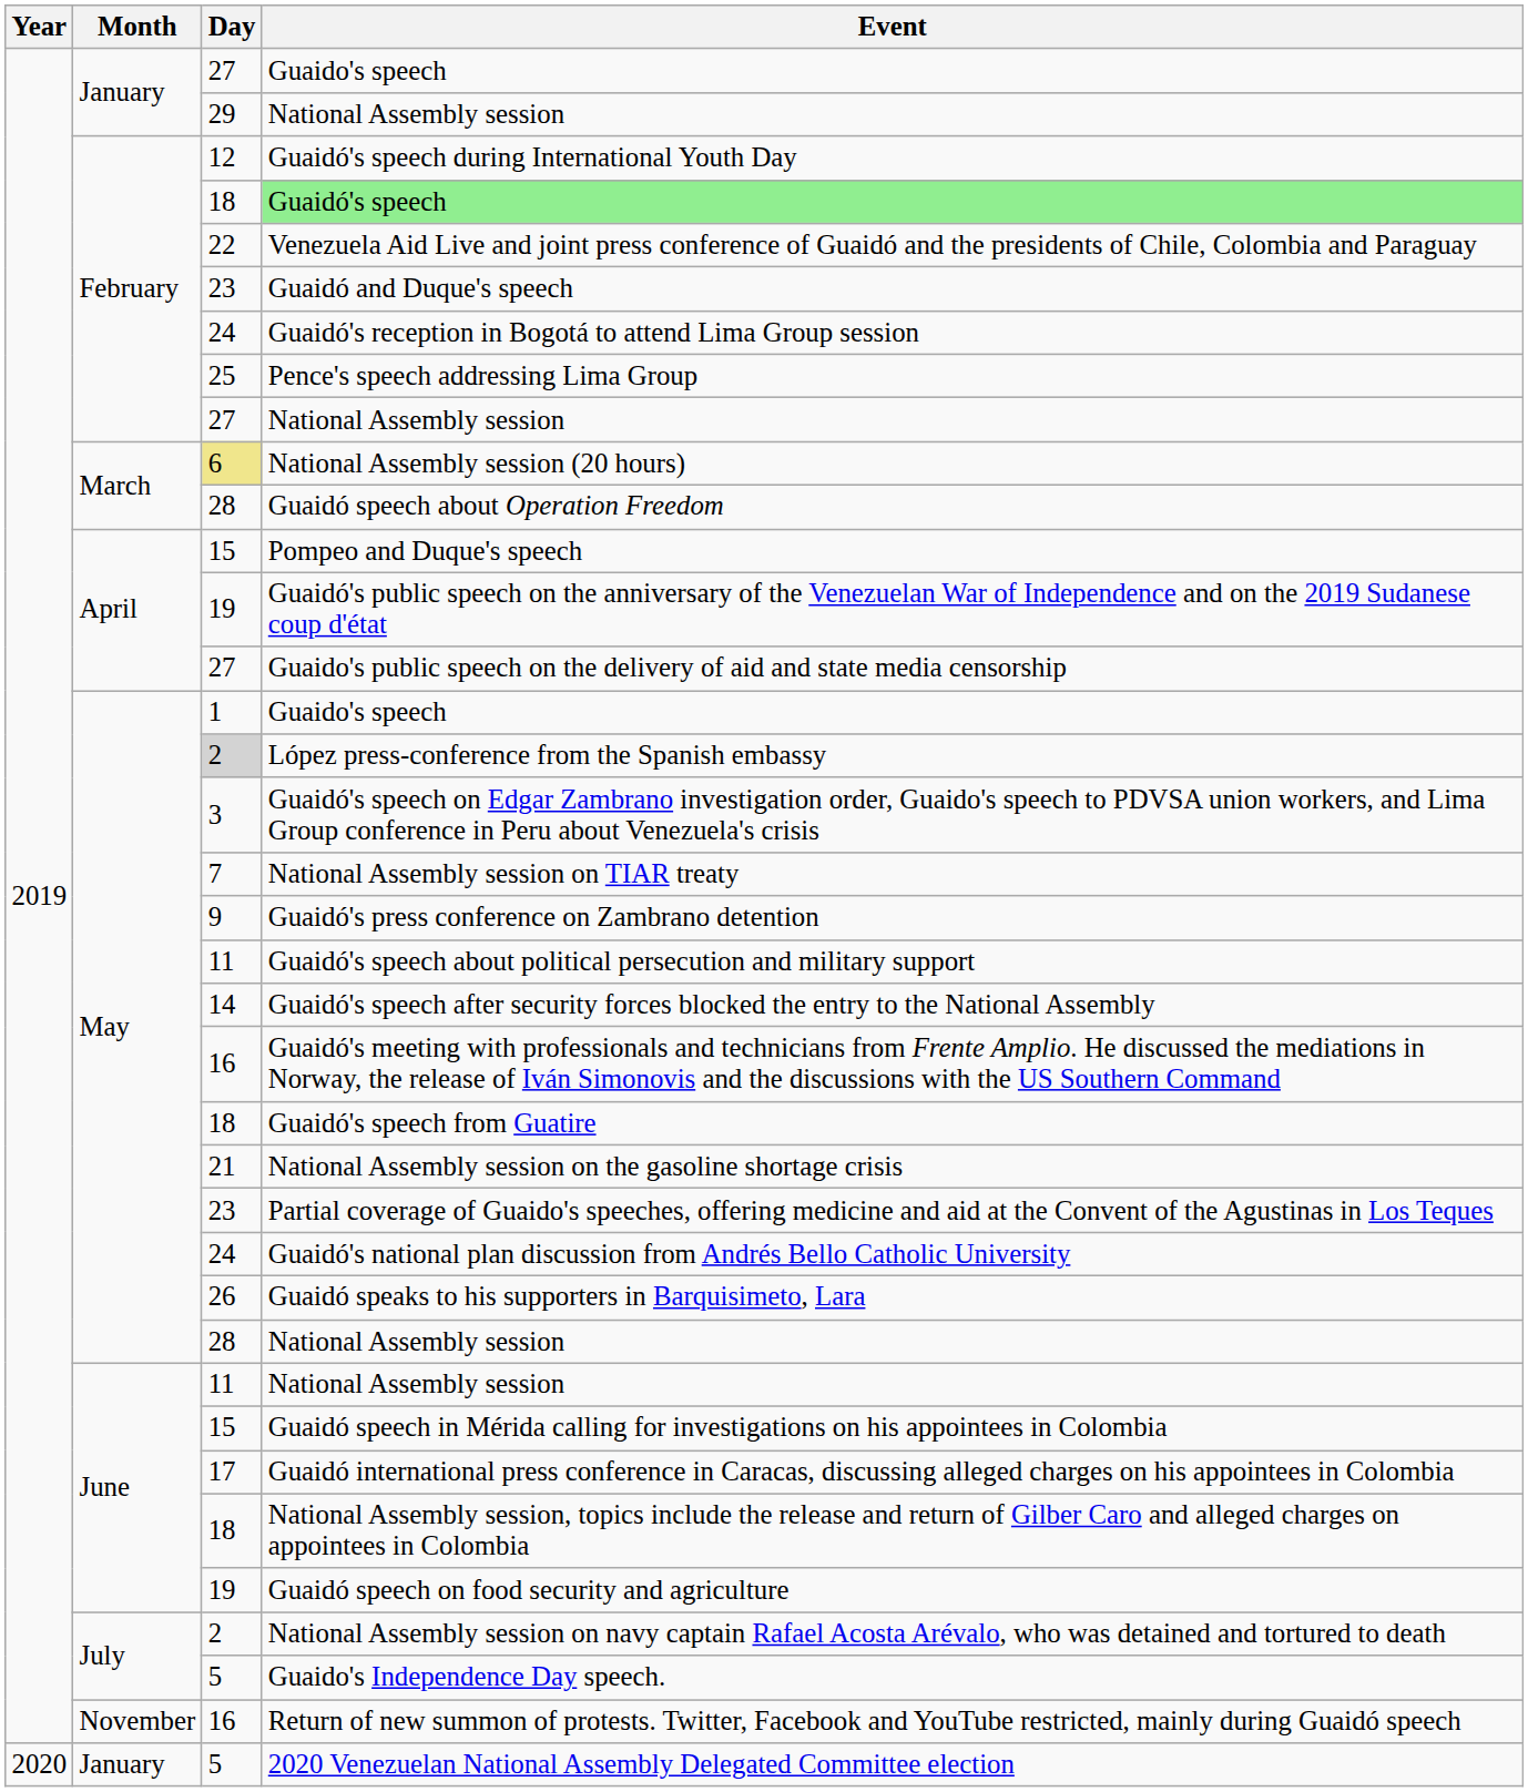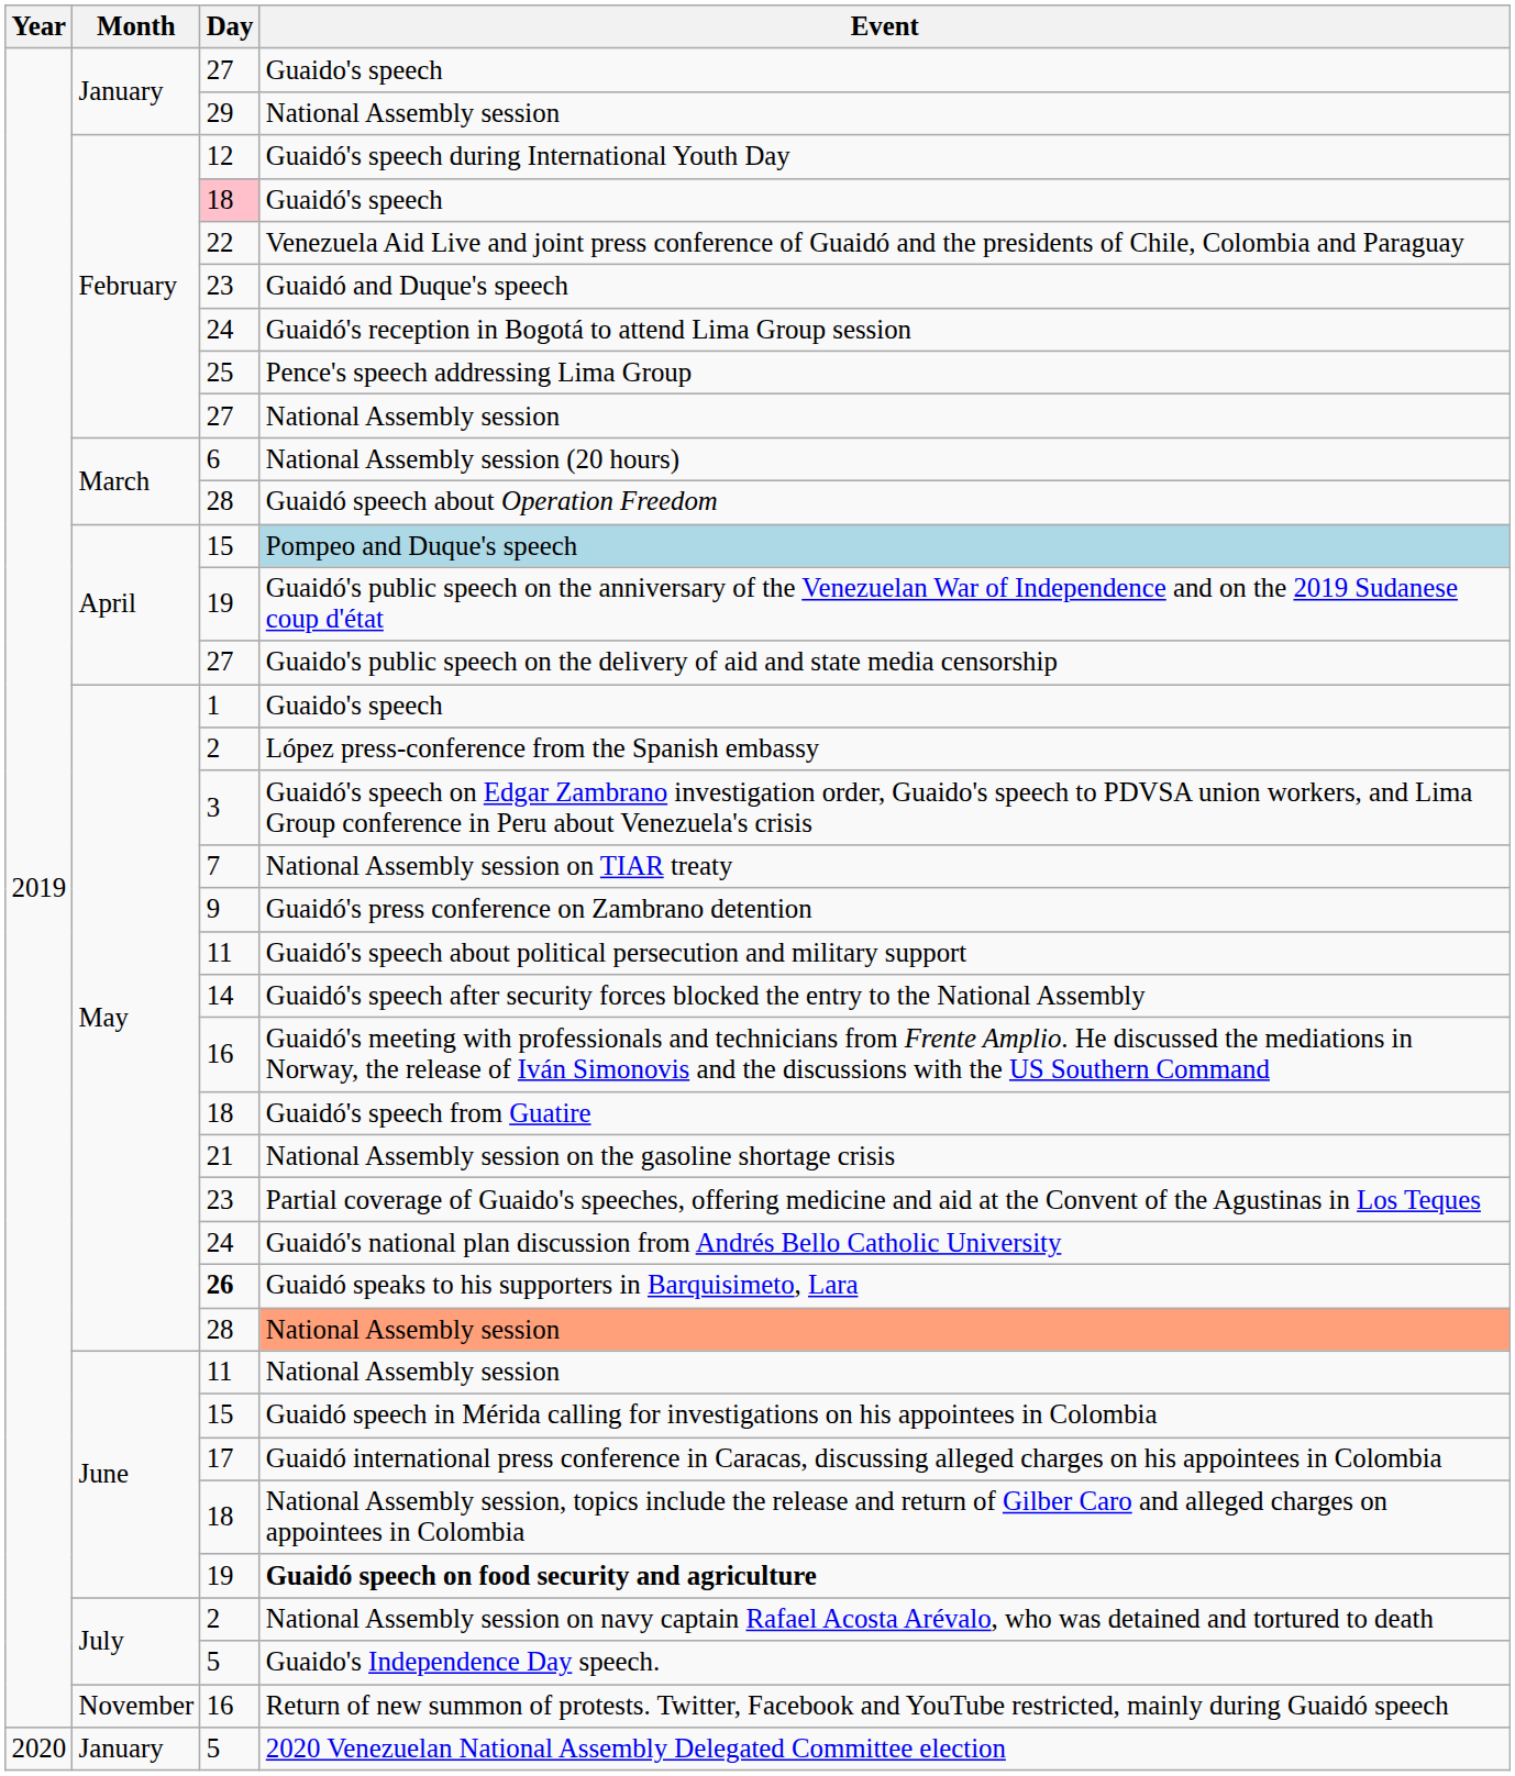 <table class="wikitable" style="margin-left: auto; margin-right: auto; border: none;">
 <tr>
 <th>Year</th>
 <th>Month</th>
 <th>Day</th>
 <th>Event</th>
 </tr>
 <tr>
 <td rowspan="36">2019</td>
 <td rowspan="2">January</td>
 <td>27</td>
 <td>Guaido's speech</td>
 </tr>
 <tr>
 <td>29</td>
 <td>National Assembly session</td>
 </tr>
 <tr>
 <td rowspan="7">February</td>
 <td>12</td>
 <td>Guaidó's speech during International Youth Day</td>
 </tr>
 <tr>
-<td>18</td>
-<td style="background: lightgreen;">Guaidó's speech</td>
+<td style="background: pink;">18</td>
+<td>Guaidó's speech</td>
 </tr>
 <tr>
 <td>22</td>
 <td>Venezuela Aid Live and joint press conference of Guaidó and the presidents of Chile, Colombia and Paraguay</td>
 </tr>
 <tr>
 <td>23</td>
 <td>Guaidó and Duque's speech</td>
 </tr>
 <tr>
 <td>24</td>
 <td>Guaidó's reception in Bogotá to attend Lima Group session</td>
 </tr>
 <tr>
 <td>25</td>
 <td>Pence's speech addressing Lima Group</td>
 </tr>
 <tr>
 <td>27</td>
 <td>National Assembly session</td>
 </tr>
 <tr>
 <td rowspan="2">March</td>
-<td style="background: khaki;">6</td>
+<td>6</td>
 <td>National Assembly session (20 hours)</td>
 </tr>
 <tr>
 <td>28</td>
 <td>Guaidó speech about <em>Operation Freedom</em></td>
 </tr>
 <tr>
 <td rowspan="3">April</td>
 <td>15</td>
-<td>Pompeo and Duque's speech</td>
+<td style="background: lightblue;">Pompeo and Duque's speech</td>
 </tr>
 <tr>
 <td>19</td>
 <td>Guaidó's public speech on the anniversary of the <a href='#'>Venezuelan War of Independence</a> and on the <a href='#'>2019 Sudanese coup d'état</a></td>
 </tr>
 <tr>
 <td>27</td>
 <td>Guaido's public speech on the delivery of aid and state media censorship</td>
 </tr>
 <tr>
 <td rowspan="14">May</td>
 <td>1</td>
 <td>Guaido's speech</td>
 </tr>
 <tr>
-<td style="background: lightgrey;">2</td>
+<td>2</td>
 <td>López press-conference from the Spanish embassy</td>
 </tr>
 <tr>
 <td>3</td>
 <td>Guaidó's speech on <a href='#'>Edgar Zambrano</a> investigation order, Guaido's speech to PDVSA union workers, and Lima Group conference in Peru about Venezuela's crisis</td>
 </tr>
 <tr>
 <td>7</td>
 <td>National Assembly session on <a href='#'>TIAR</a> treaty</td>
 </tr>
 <tr>
 <td>9</td>
 <td>Guaidó's press conference on Zambrano detention</td>
 </tr>
 <tr>
 <td>11</td>
 <td>Guaidó's speech about political persecution and military support</td>
 </tr>
 <tr>
 <td>14</td>
 <td>Guaidó's speech after security forces blocked the entry to the National Assembly</td>
 </tr>
 <tr>
 <td>16</td>
 <td>Guaidó's meeting with professionals and technicians from <em>Frente Amplio</em>. He discussed the mediations in Norway, the release of <a href='#'>Iván Simonovis</a> and the discussions with the <a href='#'>US Southern Command</a></td>
 </tr>
 <tr>
 <td>18</td>
 <td>Guaidó's speech from <a href='#'>Guatire</a></td>
 </tr>
 <tr>
 <td>21</td>
 <td>National Assembly session on the gasoline shortage crisis</td>
 </tr>
 <tr>
 <td>23</td>
 <td>Partial coverage of Guaido's speeches, offering medicine and aid at the Convent of the Agustinas in <a href='#'>Los Teques</a></td>
 </tr>
 <tr>
 <td>24</td>
 <td>Guaidó's national plan discussion from <a href='#'>Andrés Bello Catholic University</a></td>
 </tr>
 <tr>
-<td>26</td>
+<td><strong>26</strong></td>
 <td>Guaidó speaks to his supporters in <a href='#'>Barquisimeto</a>, <a href='#'>Lara</a></td>
 </tr>
 <tr>
 <td>28</td>
-<td>National Assembly session</td>
+<td style="background: lightsalmon;">National Assembly session</td>
 </tr>
 <tr>
 <td rowspan="5">June</td>
 <td>11</td>
 <td>National Assembly session</td>
 </tr>
 <tr>
 <td>15</td>
 <td>Guaidó speech in Mérida calling for investigations on his appointees in Colombia</td>
 </tr>
 <tr>
 <td>17</td>
 <td>Guaidó international press conference in Caracas, discussing alleged charges on his appointees in Colombia</td>
 </tr>
 <tr>
 <td>18</td>
 <td>National Assembly session, topics include the release and return of <a href='#'>Gilber Caro</a> and alleged charges on appointees in Colombia</td>
 </tr>
 <tr>
 <td>19</td>
-<td>Guaidó speech on food security and agriculture</td>
+<td><strong>Guaidó speech on food security and agriculture</strong></td>
 </tr>
 <tr>
 <td rowspan="2">July</td>
 <td>2</td>
 <td>National Assembly session on navy captain <a href='#'>Rafael Acosta Arévalo</a>, who was detained and tortured to death</td>
 </tr>
 <tr>
 <td>5</td>
 <td>Guaido's <a href='#'>Independence Day</a> speech.</td>
 </tr>
 <tr>
 <td>November</td>
 <td>16</td>
 <td>Return of new summon of protests. Twitter, Facebook and YouTube restricted, mainly during Guaidó speech</td>
 </tr>
 <tr>
 <td>2020</td>
 <td>January</td>
 <td>5</td>
 <td><a href='#'>2020 Venezuelan National Assembly Delegated Committee election</a></td>
 </tr>
 </table>
